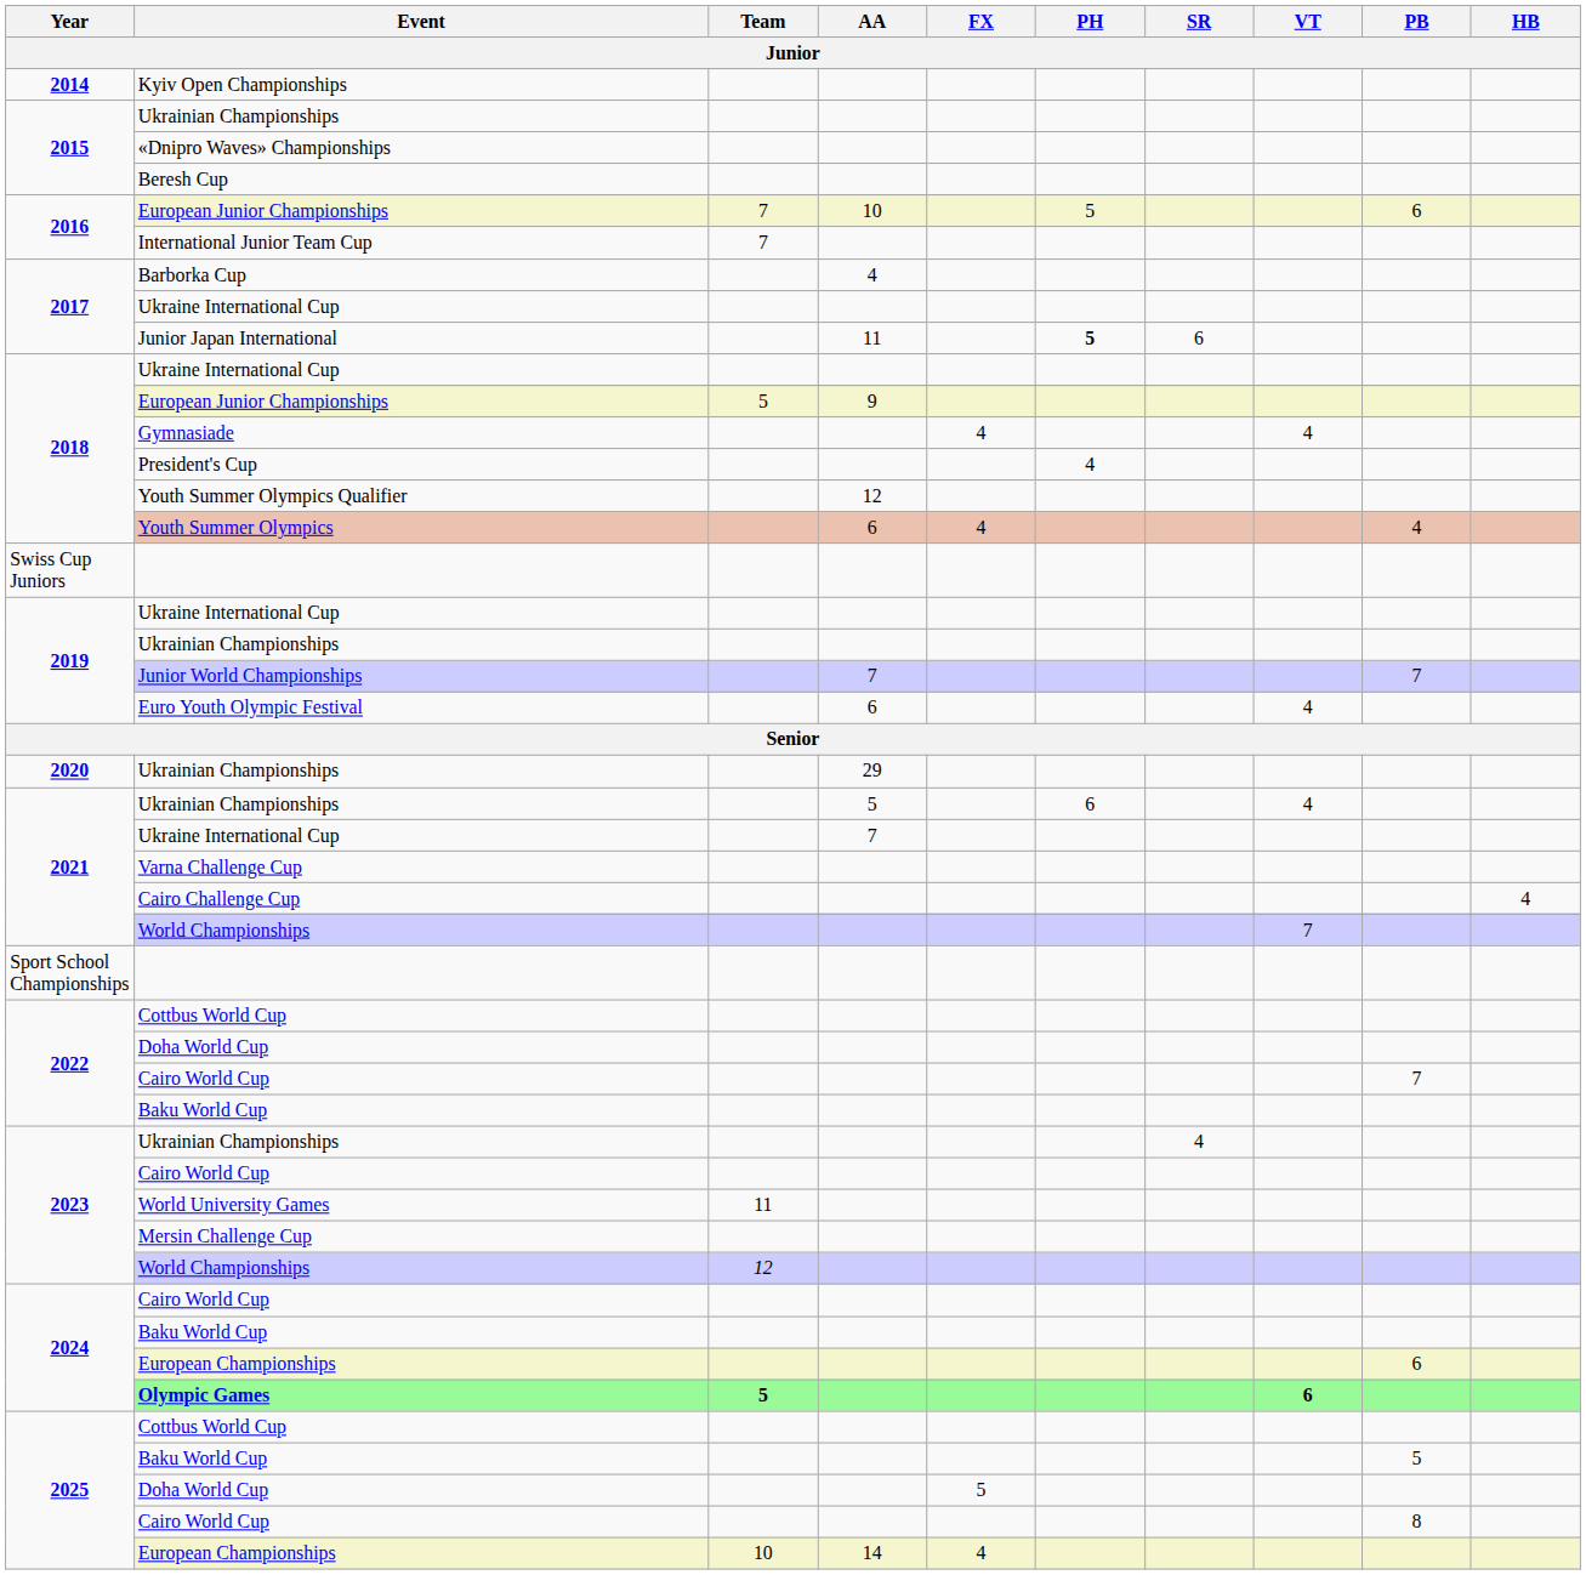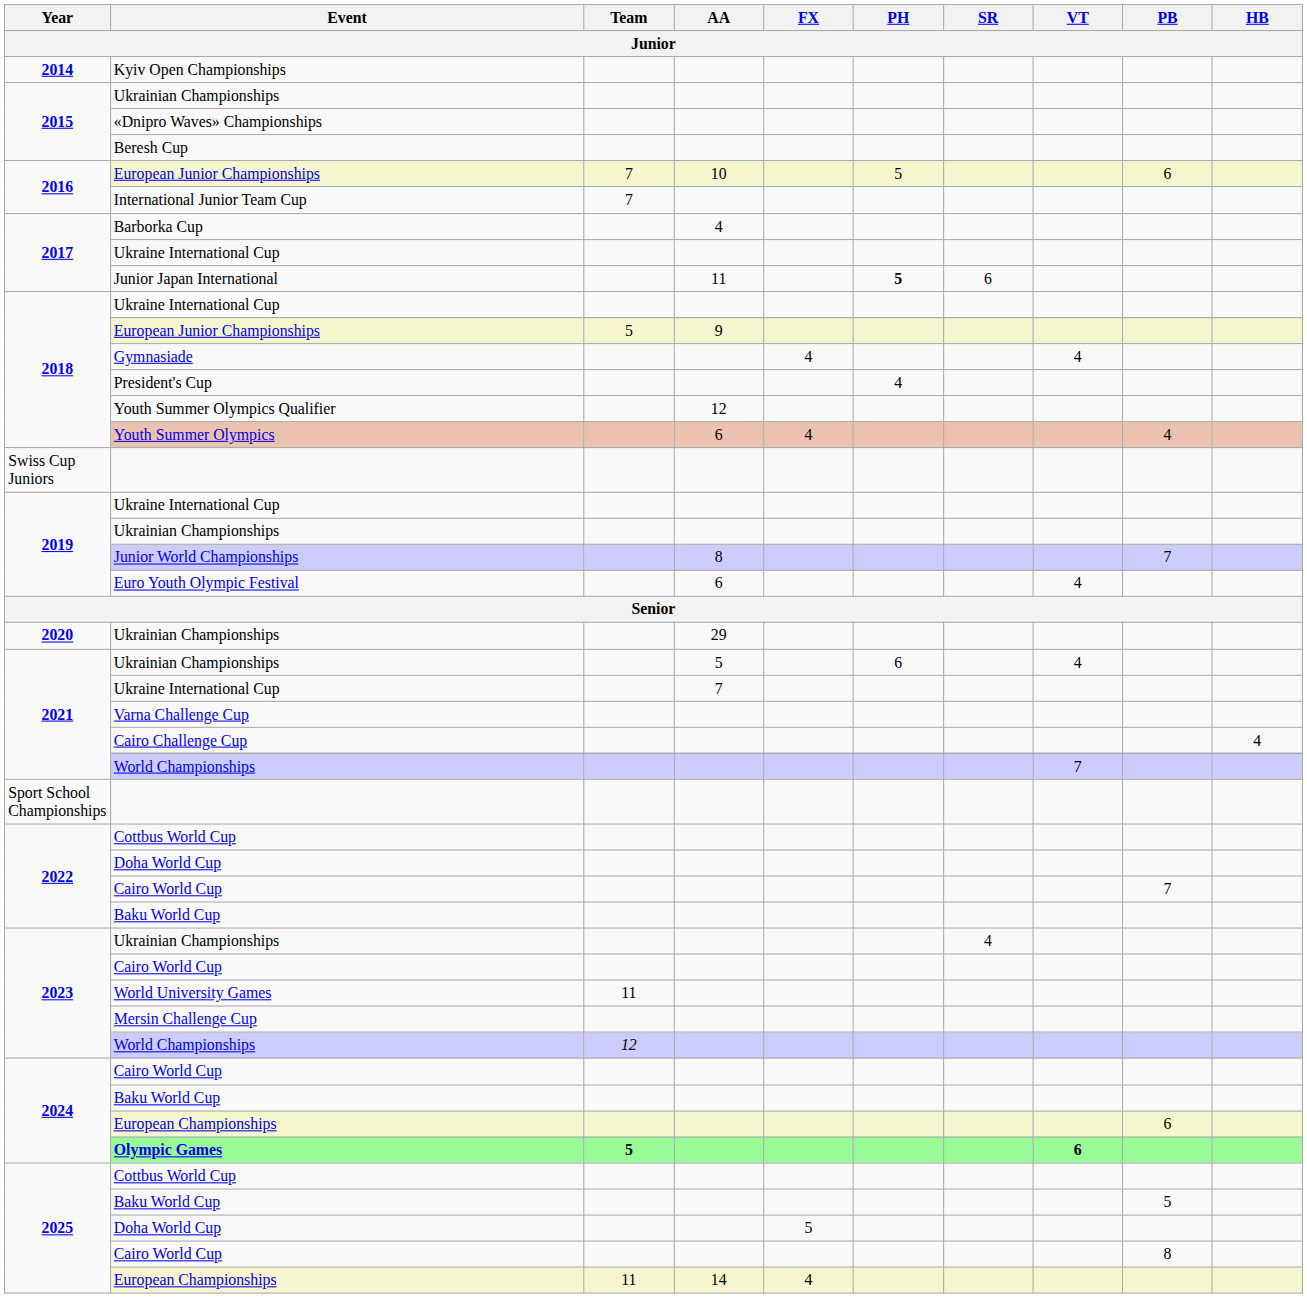 <table class="wikitable sortable" style="text-align:center; font-size:95%;">
 <tr>
 <th width=7% class=unsortable>Year</th>
 <th width=37% class=unsortable>Event</th>
 <th width=7% class=unsortable>Team</th>
 <th width=7% class=unsortable>AA</th>
 <th width=7% class=unsortable><a href='#'>FX</a></th>
 <th width=7% class=unsortable><a href='#'>PH</a></th>
 <th width=7% class=unsortable><a href='#'>SR</a></th>
 <th width=7% class=unsortable><a href='#'>VT</a></th>
 <th width=7% class=unsortable><a href='#'>PB</a></th>
 <th width=7% class=unsortable><a href='#'>HB</a></th>
 </tr>
 <tr>
 <th colspan="10"><strong>Junior</strong></th>
 </tr>
 <tr>
 <td rowspan="2"><strong><a href='#'>2014</a></strong></td>
 </tr>
 <tr>
 <td align=left>Kyiv Open Championships</td>
 <td></td>
 <td></td>
 <td></td>
 <td></td>
 <td></td>
 <td></td>
 <td></td>
 <td></td>
 </tr>
 <tr>
 <td rowspan="3"><strong><a href='#'>2015</a></strong></td>
 <td align=left>Ukrainian Championships</td>
 <td></td>
 <td></td>
 <td></td>
 <td></td>
 <td></td>
 <td></td>
 <td></td>
 <td></td>
 </tr>
 <tr>
 <td align=left>«Dnipro Waves» Championships</td>
 <td></td>
 <td></td>
 <td></td>
 <td></td>
 <td></td>
 <td></td>
 <td></td>
 <td></td>
 </tr>
 <tr>
 <td align=left>Beresh Cup</td>
 <td></td>
 <td></td>
 <td></td>
 <td></td>
 <td></td>
 <td></td>
 <td></td>
 <td></td>
 </tr>
 <tr>
 <td rowspan="3"><strong><a href='#'>2016</a></strong></td>
 </tr>
 <tr bgcolor=#F5F6CE>
 <td align=left><a href='#'>European Junior Championships</a></td>
 <td>7</td>
 <td>10</td>
 <td></td>
 <td>5</td>
 <td></td>
 <td></td>
 <td>6</td>
 <td></td>
 </tr>
 <tr>
 <td align=left>International Junior Team Cup</td>
 <td>7</td>
 <td></td>
 <td></td>
 <td></td>
 <td></td>
 <td></td>
 <td></td>
 <td></td>
 </tr>
 <tr>
 <td rowspan="3"><strong><a href='#'>2017</a></strong></td>
 <td align=left>Barborka Cup</td>
 <td></td>
 <td>4</td>
 <td></td>
 <td></td>
 <td></td>
 <td></td>
 <td></td>
 <td></td>
 </tr>
 <tr>
 <td align=left>Ukraine International Cup</td>
 <td></td>
 <td></td>
 <td></td>
 <td></td>
 <td></td>
 <td></td>
 <td></td>
 <td></td>
 </tr>
 <tr>
 <td align=left>Junior Japan International</td>
 <td></td>
 <td>11</td>
 <td></td>
 <td><strong>5</strong></td>
 <td>6</td>
 <td></td>
 <td></td>
 <td></td>
 </tr>
 <tr>
 <td rowspan="7"><strong><a href='#'>2018</a></strong></td>
 <td align=left>Ukraine International Cup</td>
 <td></td>
 <td></td>
 <td></td>
 <td></td>
 <td></td>
 <td></td>
 <td></td>
 <td></td>
 </tr>
 <tr>
 </tr>
 <tr bgcolor=#F5F6CE>
 <td align=left><a href='#'>European Junior Championships</a></td>
 <td>5</td>
 <td>9</td>
 <td></td>
 <td></td>
 <td></td>
 <td></td>
 <td></td>
 <td></td>
 </tr>
 <tr>
 <td align=left><a href='#'>Gymnasiade</a></td>
 <td></td>
 <td></td>
 <td>4</td>
 <td></td>
 <td></td>
 <td>4</td>
 <td></td>
 <td></td>
 </tr>
 <tr>
 <td align=left>President's Cup</td>
 <td></td>
 <td></td>
 <td></td>
 <td>4</td>
 <td></td>
 <td></td>
 <td></td>
 <td></td>
 </tr>
 <tr>
 <td align=left>Youth Summer Olympics Qualifier</td>
 <td></td>
 <td>12</td>
 <td></td>
 <td></td>
 <td></td>
 <td></td>
 <td></td>
 <td></td>
 </tr>
 <tr bgcolor=#EBC2AF>
 <td align=left><a href='#'>Youth Summer Olympics</a></td>
 <td></td>
 <td>6</td>
 <td>4</td>
 <td></td>
 <td></td>
 <td></td>
 <td>4</td>
 <td></td>
 </tr>
 <tr>
 <td align=left>Swiss Cup Juniors</td>
 <td></td>
 <td></td>
 <td></td>
 <td></td>
 <td></td>
 <td></td>
 <td></td>
 <td></td>
 </tr>
 <tr>
 <td rowspan="4"><strong><a href='#'>2019</a></strong></td>
 <td align=left>Ukraine International Cup</td>
 <td></td>
 <td></td>
 <td></td>
 <td></td>
 <td></td>
 <td></td>
 <td></td>
 <td></td>
 </tr>
 <tr>
 <td align=left>Ukrainian Championships</td>
 <td></td>
 <td></td>
 <td></td>
 <td></td>
 <td></td>
 <td></td>
 <td></td>
 <td></td>
 </tr>
 <tr bgcolor=#CCCCFF>
 <td align=left><a href='#'>Junior World Championships</a></td>
 <td></td>
-<td>7</td>
+<td>8</td>
 <td></td>
 <td></td>
 <td></td>
 <td></td>
 <td>7</td>
 <td></td>
 </tr>
 <tr>
 <td align=left><a href='#'>Euro Youth Olympic Festival</a></td>
 <td></td>
 <td>6</td>
 <td></td>
 <td></td>
 <td></td>
 <td>4</td>
 <td></td>
 <td></td>
 </tr>
 <tr>
 <th colspan="10"><strong>Senior</strong></th>
 </tr>
 <tr>
 <td rowspan="1"><strong><a href='#'>2020</a></strong></td>
 <td align=left>Ukrainian Championships</td>
 <td></td>
 <td>29</td>
 <td></td>
 <td></td>
 <td></td>
 <td></td>
 <td></td>
 <td></td>
 </tr>
 <tr>
 <td rowspan="6"><strong><a href='#'>2021</a></strong></td>
 <td align=left>Ukrainian Championships</td>
 <td></td>
 <td>5</td>
 <td></td>
 <td>6</td>
 <td></td>
 <td>4</td>
 <td></td>
 <td></td>
 </tr>
 <tr>
 <td align =left>Ukraine International Cup</td>
 <td></td>
 <td>7</td>
 <td></td>
 <td></td>
 <td></td>
 <td></td>
 <td></td>
 <td></td>
 </tr>
 <tr>
 <td align=left><a href='#'>Varna Challenge Cup</a></td>
 <td></td>
 <td></td>
 <td></td>
 <td></td>
 <td></td>
 <td></td>
 <td></td>
 <td></td>
 </tr>
 <tr>
 <td align=left><a href='#'>Cairo Challenge Cup</a></td>
 <td></td>
 <td></td>
 <td></td>
 <td></td>
 <td></td>
 <td></td>
 <td></td>
 <td>4</td>
 </tr>
 <tr>
 </tr>
 <tr bgcolor=#CCCCFF>
 <td align=left><a href='#'>World Championships</a></td>
 <td></td>
 <td></td>
 <td></td>
 <td></td>
 <td></td>
 <td>7</td>
 <td></td>
 <td></td>
 </tr>
 <tr>
 <td align=left>Sport School Championships</td>
 <td></td>
 <td></td>
 <td></td>
 <td></td>
 <td></td>
 <td></td>
 <td></td>
 <td></td>
 </tr>
 <tr>
 <td rowspan="4"><strong><a href='#'>2022</a></strong></td>
 <td align=left><a href='#'>Cottbus World Cup</a></td>
 <td></td>
 <td></td>
 <td></td>
 <td></td>
 <td></td>
 <td></td>
 <td></td>
 <td></td>
 </tr>
 <tr>
 <td align=left><a href='#'>Doha World Cup</a></td>
 <td></td>
 <td></td>
 <td></td>
 <td></td>
 <td></td>
 <td></td>
 <td></td>
 <td></td>
 </tr>
 <tr>
 <td align=left><a href='#'>Cairo World Cup</a></td>
 <td></td>
 <td></td>
 <td></td>
 <td></td>
 <td></td>
 <td></td>
 <td>7</td>
 <td></td>
 </tr>
 <tr>
 <td align=left><a href='#'>Baku World Cup</a></td>
 <td></td>
 <td></td>
 <td></td>
 <td></td>
 <td></td>
 <td></td>
 <td></td>
 <td></td>
 </tr>
 <tr>
 <td rowspan="5"><strong><a href='#'>2023</a></strong></td>
 <td align=left>Ukrainian Championships</td>
 <td></td>
 <td></td>
 <td></td>
 <td></td>
 <td>4</td>
 <td></td>
 <td></td>
 <td></td>
 </tr>
 <tr>
 <td align=left><a href='#'>Cairo World Cup</a></td>
 <td></td>
 <td></td>
 <td></td>
 <td></td>
 <td></td>
 <td></td>
 <td></td>
 <td></td>
 </tr>
 <tr>
 <td align=left><a href='#'>World University Games</a></td>
 <td>11</td>
 <td></td>
 <td></td>
 <td></td>
 <td></td>
 <td></td>
 <td></td>
 <td></td>
 </tr>
 <tr>
 <td align=left><a href='#'>Mersin Challenge Cup</a></td>
 <td></td>
 <td></td>
 <td></td>
 <td></td>
 <td></td>
 <td></td>
 <td></td>
 <td></td>
 </tr>
 <tr bgcolor=#CCCCFF>
 <td align=left><a href='#'>World Championships</a></td>
 <td><em>12</em></td>
 <td></td>
 <td></td>
 <td></td>
 <td></td>
 <td></td>
 <td></td>
 <td></td>
 </tr>
 <tr>
 <td rowspan="4"><strong><a href='#'>2024</a></strong></td>
 <td align=left><a href='#'>Cairo World Cup</a></td>
 <td></td>
 <td></td>
 <td></td>
 <td></td>
 <td></td>
 <td></td>
 <td></td>
 <td></td>
 </tr>
 <tr>
 <td align=left><a href='#'>Baku World Cup</a></td>
 <td></td>
 <td></td>
 <td></td>
 <td></td>
 <td></td>
 <td></td>
 <td></td>
 <td></td>
 </tr>
 <tr bgcolor=#F5F6CE>
 <td align=left><a href='#'>European Championships</a></td>
 <td></td>
 <td></td>
 <td></td>
 <td></td>
 <td></td>
 <td></td>
 <td>6</td>
 <td></td>
 </tr>
 <tr bgcolor=98FB98>
 <td align=left><strong><a href='#'>Olympic Games</a></strong></td>
 <td><strong>5</strong></td>
 <td></td>
 <td></td>
 <td></td>
 <td></td>
 <td><strong>6</strong></td>
 <td></td>
 <td></td>
 </tr>
 <tr>
 <td rowspan="5"><strong><a href='#'>2025</a></strong></td>
 <td align=left><a href='#'>Cottbus World Cup</a></td>
 <td></td>
 <td></td>
 <td></td>
 <td></td>
 <td></td>
 <td></td>
 <td></td>
 <td></td>
 </tr>
 <tr>
 <td align=left><a href='#'>Baku World Cup</a></td>
 <td></td>
 <td></td>
 <td></td>
 <td></td>
 <td></td>
 <td></td>
 <td>5</td>
 <td></td>
 </tr>
 <tr>
 <td align=left><a href='#'>Doha World Cup</a></td>
 <td></td>
 <td></td>
 <td>5</td>
 <td></td>
 <td></td>
 <td></td>
 <td></td>
 <td></td>
 </tr>
 <tr>
 <td align=left><a href='#'>Cairo World Cup</a></td>
 <td></td>
 <td></td>
 <td></td>
 <td></td>
 <td></td>
 <td></td>
 <td>8</td>
 <td></td>
 </tr>
 <tr bgcolor=#F5F6CE>
 <td align=left><a href='#'>European Championships</a></td>
-<td>10</td>
+<td>11</td>
 <td>14</td>
 <td>4</td>
 <td></td>
 <td></td>
 <td></td>
 <td></td>
 <td></td>
 </tr>
 </table>
